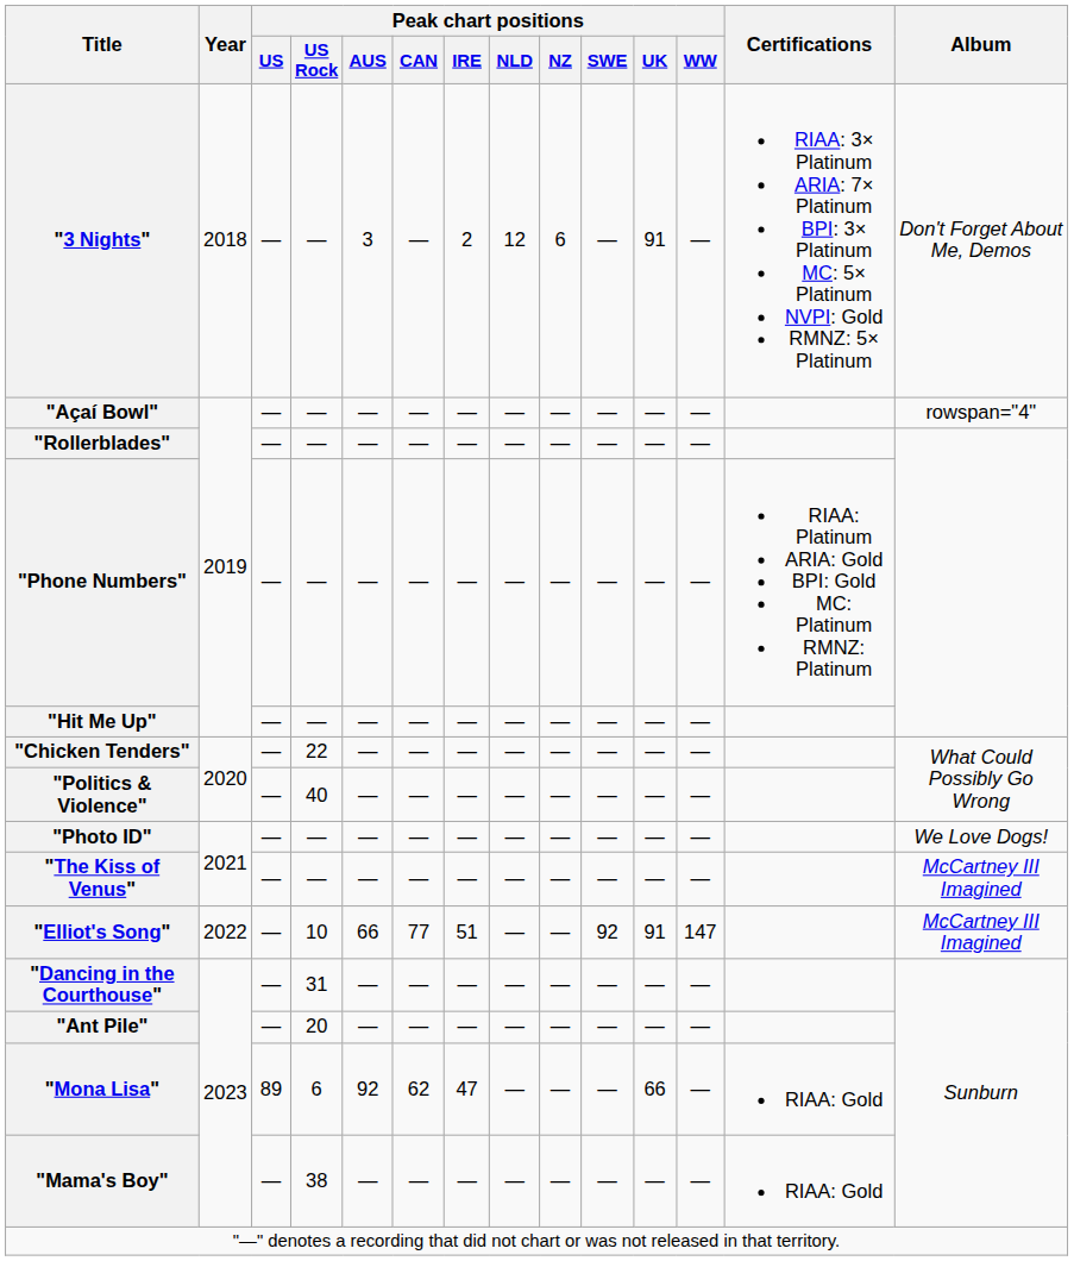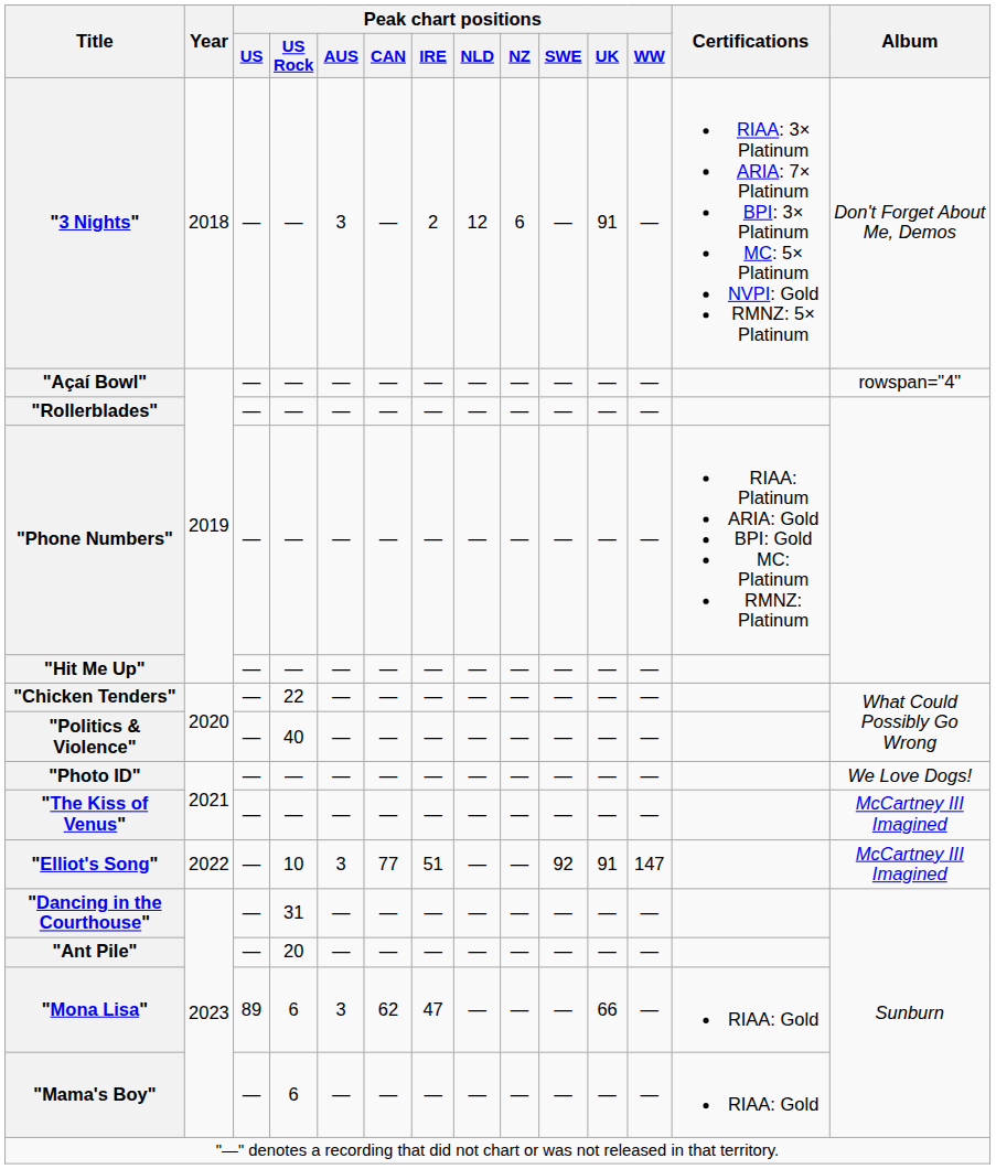 <table class="wikitable plainrowheaders" style="text-align:center">
 <tr>
 <th scope="col" rowspan="2" style="width:14.5em;">Title</th>
 <th scope="col" rowspan="2">Year</th>
 <th scope="col" colspan="10">Peak chart positions</th>
 <th scope="col" rowspan="2" style="width:12em;">Certifications</th>
 <th scope="col" rowspan="2" style="width:14em;">Album</th>
 </tr>
 <tr>
 <th scope="col" style="width:2.5em;font-size:90%;"><a href='#'>US</a><br></th>
 <th scope="col" style="width:2.5em;font-size:90%;"><a href='#'>US<br>Rock</a><br></th>
 <th scope="col" style="width:3em;font-size:90%;"><a href='#'>AUS</a><br></th>
 <th scope="col" style="width:3em;font-size:90%;"><a href='#'>CAN</a><br></th>
 <th scope="col" style="width:3em;font-size:90%;"><a href='#'>IRE</a><br></th>
 <th scope="col" style="width:3em;font-size:90%;"><a href='#'>NLD</a><br></th>
 <th scope="col" style="width:3em;font-size:90%;"><a href='#'>NZ</a><br></th>
 <th scope="col" style="width:3em;font-size:90%;"><a href='#'>SWE</a><br></th>
 <th scope="col" style="width:3em;font-size:90%;"><a href='#'>UK</a><br></th>
 <th scope="col" style="width:3em;font-size:90%;"><a href='#'>WW</a><br></th>
 </tr>
 <tr>
 <th scope="row">"<a href='#'>3 Nights</a>"</th>
 <td>2018</td>
 <td>—</td>
 <td>—</td>
 <td>3</td>
 <td>—</td>
 <td>2</td>
 <td>12</td>
 <td>6</td>
 <td>—</td>
 <td>91</td>
 <td>—</td>
 <td><br><ul><li><a href='#'>RIAA</a>: 3× Platinum</li><li><a href='#'>ARIA</a>: 7× Platinum</li><li><a href='#'>BPI</a>: 3× Platinum</li><li><a href='#'>MC</a>: 5× Platinum</li><li><a href='#'>NVPI</a>: Gold</li><li>RMNZ: 5× Platinum</li></ul></td>
 <td><em>Don't Forget About Me, Demos</em></td>
 </tr>
 <tr>
 <th scope="row">"Açaí Bowl"</th>
 <td rowspan="4">2019</td>
 <td>—</td>
 <td>—</td>
 <td>—</td>
 <td>—</td>
 <td>—</td>
 <td>—</td>
 <td>—</td>
 <td>—</td>
 <td>—</td>
 <td>—</td>
 <td></td>
 <td>rowspan="4" </td>
 </tr>
 <tr>
 <th scope="row">"Rollerblades"</th>
 <td>—</td>
 <td>—</td>
 <td>—</td>
 <td>—</td>
 <td>—</td>
 <td>—</td>
 <td>—</td>
 <td>—</td>
 <td>—</td>
 <td>—</td>
 <td></td>
 </tr>
 <tr>
 <th scope="row">"Phone Numbers"<br></th>
 <td>—</td>
 <td>—</td>
 <td>—</td>
 <td>—</td>
 <td>—</td>
 <td>—</td>
 <td>—</td>
 <td>—</td>
 <td>—</td>
 <td>—</td>
 <td><br><ul><li>RIAA: Platinum</li><li>ARIA: Gold</li><li>BPI: Gold</li><li>MC: Platinum</li><li>RMNZ: Platinum</li></ul></td>
 </tr>
 <tr>
 <th scope="row">"Hit Me Up"<br></th>
 <td>—</td>
 <td>—</td>
 <td>—</td>
 <td>—</td>
 <td>—</td>
 <td>—</td>
 <td>—</td>
 <td>—</td>
 <td>—</td>
 <td>—</td>
 <td></td>
 </tr>
 <tr>
 <th scope="row">"Chicken Tenders"</th>
 <td rowspan="2">2020</td>
 <td>—</td>
 <td>22</td>
 <td>—</td>
 <td>—</td>
 <td>—</td>
 <td>—</td>
 <td>—</td>
 <td>—</td>
 <td>—</td>
 <td>—</td>
 <td></td>
 <td rowspan="2"><em>What Could Possibly Go Wrong</em></td>
 </tr>
 <tr>
 <th scope="row">"Politics & Violence"</th>
 <td>—</td>
 <td>40</td>
 <td>—</td>
 <td>—</td>
 <td>—</td>
 <td>—</td>
 <td>—</td>
 <td>—</td>
 <td>—</td>
 <td>—</td>
 <td></td>
 </tr>
 <tr>
 <th scope="row">"Photo ID"<br></th>
 <td rowspan="2">2021</td>
 <td>—</td>
 <td>—</td>
 <td>—</td>
 <td>—</td>
 <td>—</td>
 <td>—</td>
 <td>—</td>
 <td>—</td>
 <td>—</td>
 <td>—</td>
 <td></td>
 <td><em>We Love Dogs!</em></td>
 </tr>
 <tr>
 <th scope="row">"<a href='#'>The Kiss of Venus</a>" <br></th>
 <td>—</td>
 <td>—</td>
 <td>—</td>
 <td>—</td>
 <td>—</td>
 <td>—</td>
 <td>—</td>
 <td>—</td>
 <td>—</td>
 <td>—</td>
 <td></td>
 <td><em><a href='#'>McCartney III Imagined</a></em></td>
 </tr>
 <tr>
 <th scope="row">"<a href='#'>Elliot's Song</a>" <br></th>
 <td>2022</td>
 <td>—</td>
 <td>10</td>
-<td>66</td>
+<td>3</td>
 <td>77</td>
 <td>51</td>
 <td>—</td>
 <td>—</td>
 <td>92</td>
 <td>91</td>
 <td>147</td>
 <td></td>
 <td><em><a href='#'>McCartney III Imagined</a></em></td>
 </tr>
 <tr>
 <th scope="row">"<a href='#'>Dancing in the Courthouse</a>"</th>
 <td rowspan="4">2023</td>
 <td>—</td>
 <td>31</td>
 <td>—</td>
 <td>—</td>
 <td>—</td>
 <td>—</td>
 <td>—</td>
 <td>—</td>
 <td>—</td>
 <td>—</td>
 <td></td>
 <td rowspan="4"><em>Sunburn</em></td>
 </tr>
 <tr>
 <th scope="row">"Ant Pile"</th>
 <td>—</td>
 <td>20</td>
 <td>—</td>
 <td>—</td>
 <td>—</td>
 <td>—</td>
 <td>—</td>
 <td>—</td>
 <td>—</td>
 <td>—</td>
 <td></td>
 </tr>
 <tr>
 <th scope="row">"<a href='#'>Mona Lisa</a>"</th>
 <td>89</td>
 <td>6</td>
-<td>92</td>
+<td>3</td>
 <td>62</td>
 <td>47</td>
 <td>—</td>
 <td>—</td>
 <td>—</td>
 <td>66</td>
 <td>—</td>
 <td><br><ul><li>RIAA: Gold</li></ul></td>
 </tr>
 <tr>
 <th scope="row">"Mama's Boy"</th>
 <td>—</td>
-<td>38</td>
+<td>6</td>
 <td>—</td>
 <td>—</td>
 <td>—</td>
 <td>—</td>
 <td>—</td>
 <td>—</td>
 <td>—</td>
 <td>—</td>
 <td><br><ul><li>RIAA: Gold</li></ul></td>
 </tr>
 <tr>
 <td colspan="16" style="font-size:90%">"—" denotes a recording that did not chart or was not released in that territory.</td>
 </tr>
 </table>
